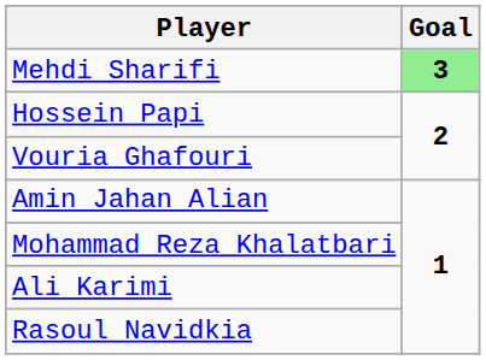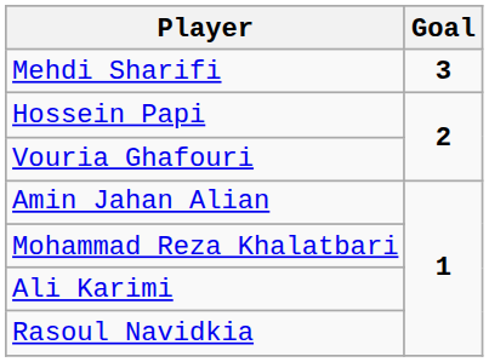 <table class="wikitable">
 <tr>
 <th>Player</th>
 <th>Goal</th>
 </tr>
 <tr>
 <td> <a href='#'>Mehdi Sharifi</a></td>
-<td style="background: lightgreen; text-align:center;"><strong>3</strong></td>
+<td style="text-align:center;"><strong>3</strong></td>
 </tr>
 <tr>
 <td> <a href='#'>Hossein Papi</a></td>
 <td rowspan="2" style="text-align:center;"><strong>2</strong></td>
 </tr>
 <tr>
 <td> <a href='#'>Vouria Ghafouri</a></td>
 </tr>
 <tr>
 <td> <a href='#'>Amin Jahan Alian</a></td>
 <td rowspan="4" style="text-align:center;"><strong>1</strong></td>
 </tr>
 <tr>
 <td> <a href='#'>Mohammad Reza Khalatbari</a></td>
 </tr>
 <tr>
 <td> <a href='#'>Ali Karimi</a></td>
 </tr>
 <tr>
 <td> <a href='#'>Rasoul Navidkia</a></td>
 </tr>
 </table>
